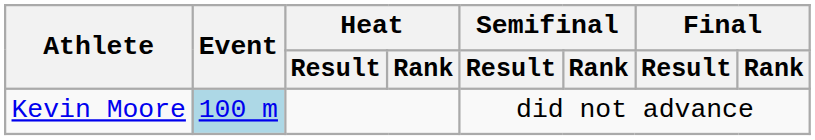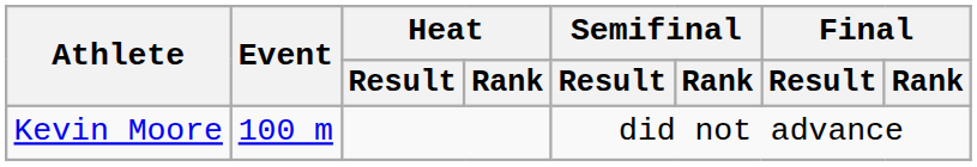 <table class="wikitable" style="font-size:90%">
 <tr>
 <th rowspan=2>Athlete</th>
 <th rowspan=2>Event</th>
 <th colspan=2>Heat</th>
 <th colspan=2>Semifinal</th>
 <th colspan=2>Final</th>
 </tr>
 <tr style="font-size:95%">
 <th>Result</th>
 <th>Rank</th>
 <th>Result</th>
 <th>Rank</th>
 <th>Result</th>
 <th>Rank</th>
 </tr>
 <tr align=center>
 <td align=left><a href='#'>Kevin Moore</a></td>
-<td style="background: lightblue; text-align:left;"><a href='#'>100 m</a></td>
+<td style="text-align:left;"><a href='#'>100 m</a></td>
 <td colspan=2></td>
 <td colspan=4>did not advance</td>
 </tr>
 </table>
